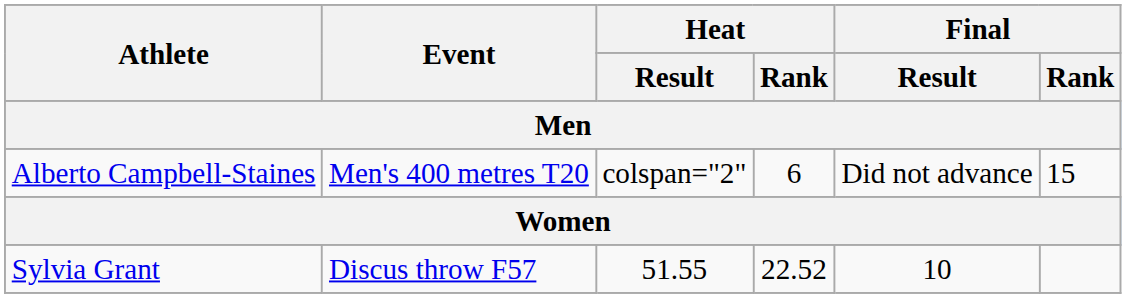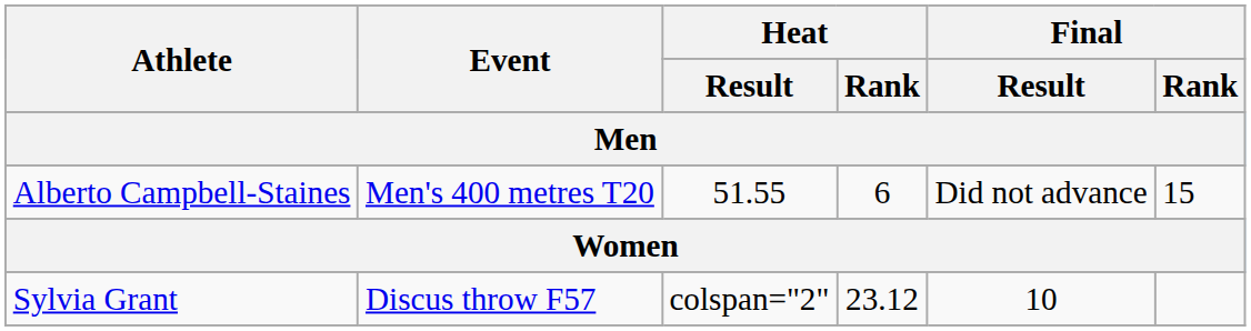 <table class=wikitable style="font-size:95%">
 <tr>
 <th rowspan="2">Athlete</th>
 <th rowspan="2">Event</th>
 <th colspan="2">Heat</th>
 <th colspan="2">Final</th>
 </tr>
 <tr>
 <th>Result</th>
 <th>Rank</th>
 <th>Result</th>
 <th>Rank</th>
 </tr>
 <tr style="background:#9acdff;">
 <th colspan=8>Men</th>
 </tr>
 <tr>
 <td><a href='#'>Alberto Campbell-Staines</a></td>
 <td><a href='#'>Men's 400 metres T20</a></td>
-<td>colspan="2" </td>
+<td align=center>51.55</td>
 <td align=center>6</td>
 <td>Did not advance</td>
 <td>15</td>
 </tr>
 <tr style="background:#9acdff;">
 <th colspan=8>Women</th>
 </tr>
 <tr>
 <td><a href='#'>Sylvia Grant</a></td>
 <td><a href='#'>Discus throw F57</a></td>
-<td align=center>51.55</td>
-<td align=center>22.52 <small></small></td>
+<td>colspan="2" </td>
+<td align=center>23.12 <small></small></td>
 <td align=center>10</td>
 </tr>
 </table>
